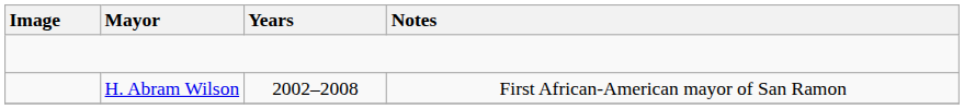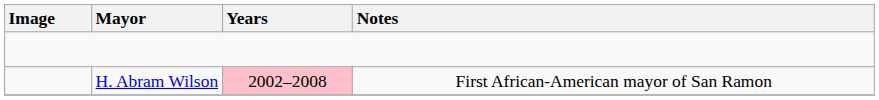 <table class="wikitable" style="text-align:center">
 <tr>
 <th style="text-align:left; width:10%;">Image</th>
 <th style="text-align:left; width:15%;">Mayor</th>
 <th style="text-align:left; width:15%;">Years</th>
 <th style="text-align:left; width:60%;">Notes</th>
 </tr>
 <tr style="height:2em">
 </tr>
 <tr>
 <td></td>
 <td><a href='#'>H. Abram Wilson</a></td>
-<td>2002–2008</td>
+<td style="background: pink;">2002–2008</td>
 <td>First African-American mayor of San Ramon</td>
 </tr>
 <tr>
 </tr>
 </table>
